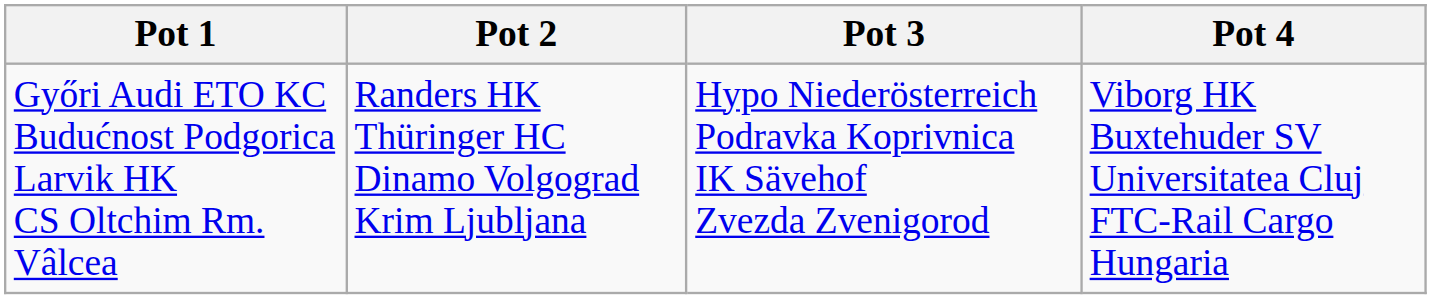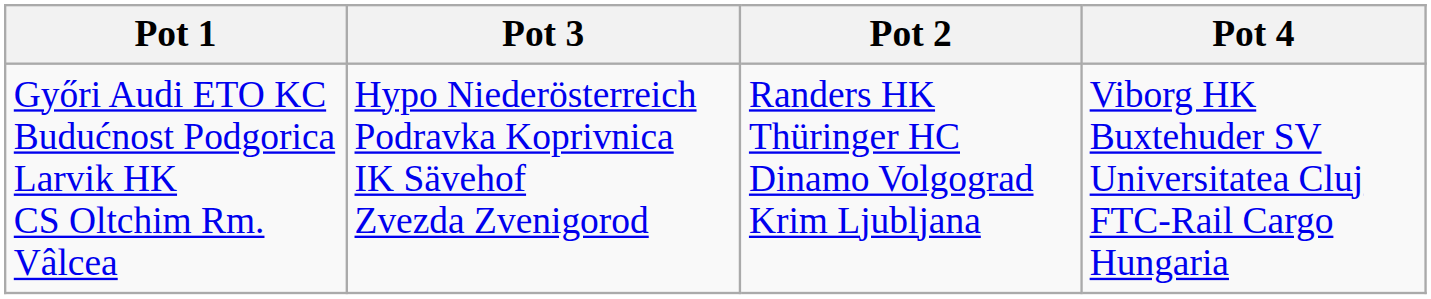 <table class="wikitable">
 <tr>
 <th width=15%>Pot 1</th>
+<th width=15%>Pot 3</th>
 <th width=15%>Pot 2</th>
-<th width=15%>Pot 3</th>
 <th width=15%>Pot 4</th>
 </tr>
 <tr>
 <td valign="top"> <a href='#'>Győri Audi ETO KC</a><br> <a href='#'>Budućnost Podgorica</a><br> <a href='#'>Larvik HK</a><br> <a href='#'>CS Oltchim Rm. Vâlcea</a></td>
+<td valign="top"> <a href='#'>Hypo Niederösterreich</a> <br> <a href='#'>Podravka Koprivnica</a><br> <a href='#'>IK Sävehof</a><br> <a href='#'>Zvezda Zvenigorod</a></td>
 <td valign="top"> <a href='#'>Randers HK</a><br> <a href='#'>Thüringer HC</a><br> <a href='#'>Dinamo Volgograd</a><br> <a href='#'>Krim Ljubljana</a></td>
-<td valign="top"> <a href='#'>Hypo Niederösterreich</a> <br> <a href='#'>Podravka Koprivnica</a><br> <a href='#'>IK Sävehof</a><br> <a href='#'>Zvezda Zvenigorod</a></td>
 <td valign="top"> <a href='#'>Viborg HK</a><br> <a href='#'>Buxtehuder SV</a><br> <a href='#'>Universitatea Cluj</a><br> <a href='#'>FTC-Rail Cargo Hungaria</a></td>
 </tr>
 </table>
